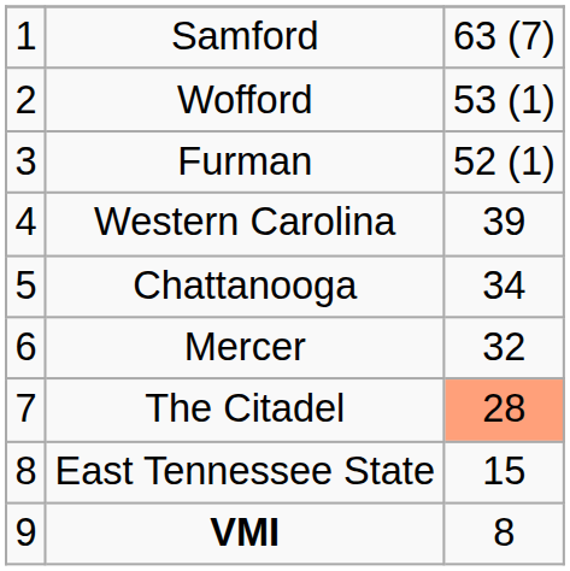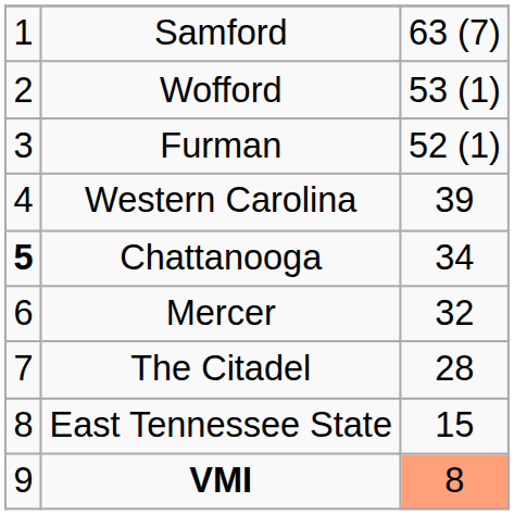 <table class="wikitable" style="display: inline-table;">
 <tr align="center">
 </tr>
 <tr align="center">
 <td>1</td>
 <td>Samford</td>
 <td>63 (7)</td>
 </tr>
 <tr align="center">
 <td>2</td>
 <td>Wofford</td>
 <td>53 (1)</td>
 </tr>
 <tr align="center">
 <td>3</td>
 <td>Furman</td>
 <td>52 (1)</td>
 </tr>
 <tr align="center">
 <td>4</td>
 <td>Western Carolina</td>
 <td>39</td>
 </tr>
 <tr align="center">
-<td>5</td>
+<td><strong>5</strong></td>
 <td>Chattanooga</td>
 <td>34</td>
 </tr>
 <tr align="center">
 <td>6</td>
 <td>Mercer</td>
 <td>32</td>
 </tr>
 <tr align="center">
 <td>7</td>
 <td>The Citadel</td>
-<td style="background: lightsalmon;">28</td>
+<td>28</td>
 </tr>
 <tr align="center">
 <td>8</td>
 <td>East Tennessee State</td>
 <td>15</td>
 </tr>
 <tr align="center">
 <td>9</td>
 <td><strong>VMI</strong></td>
-<td>8</td>
+<td style="background: lightsalmon;">8</td>
 </tr>
 </table>
